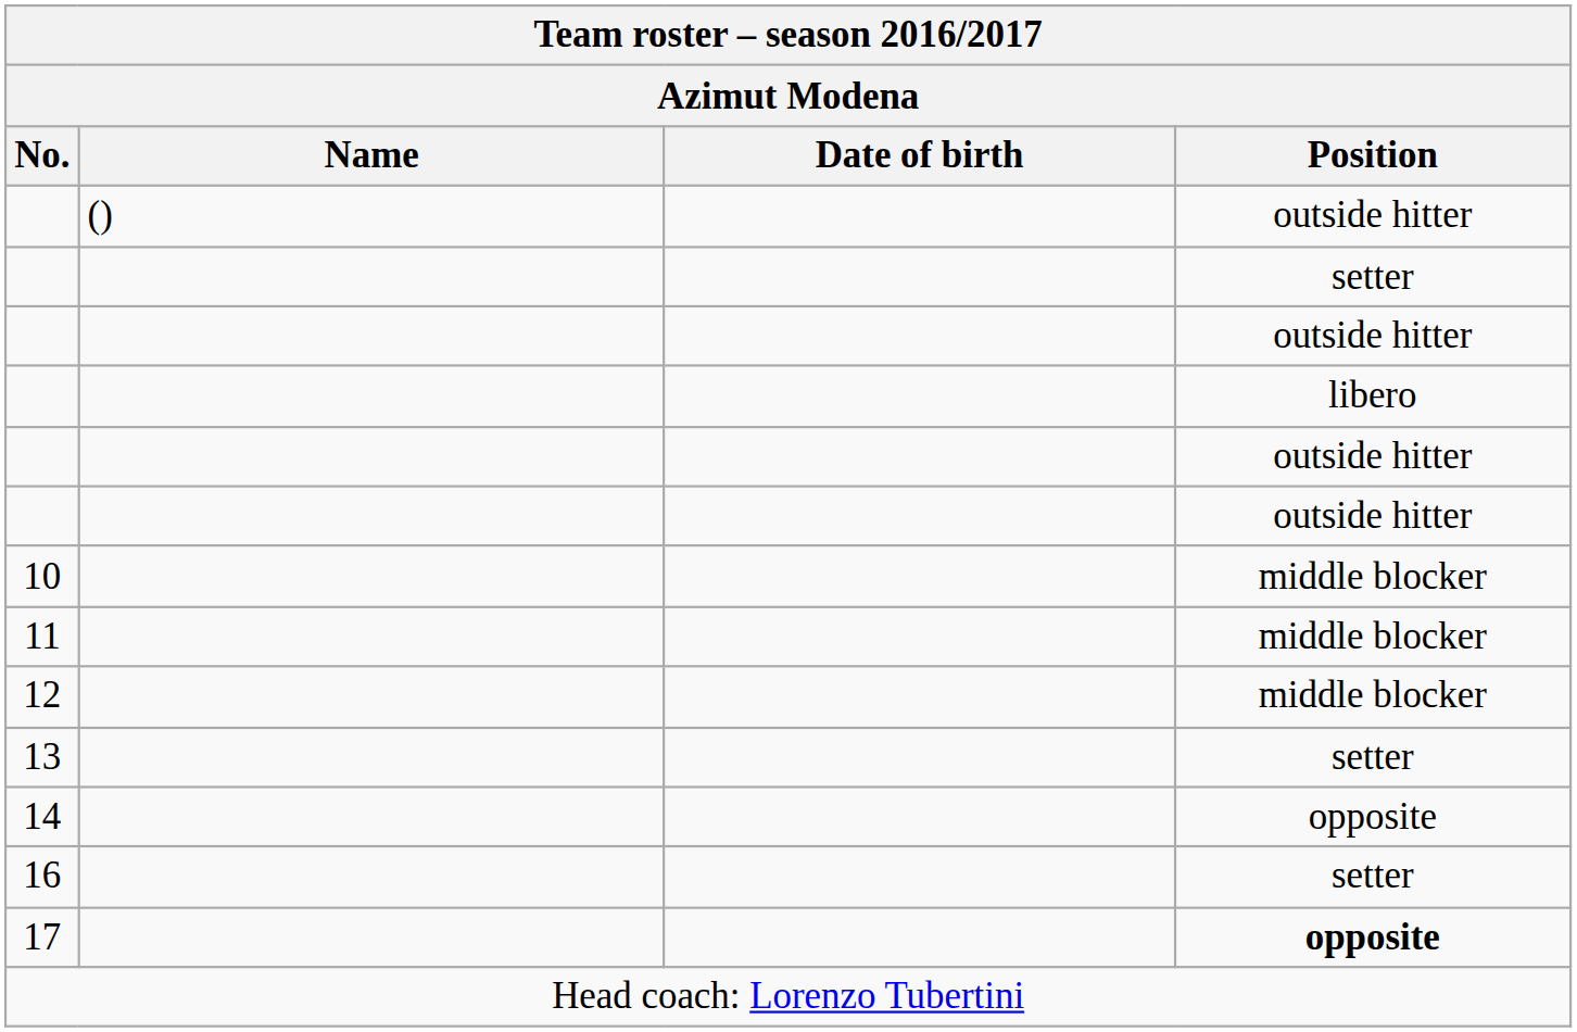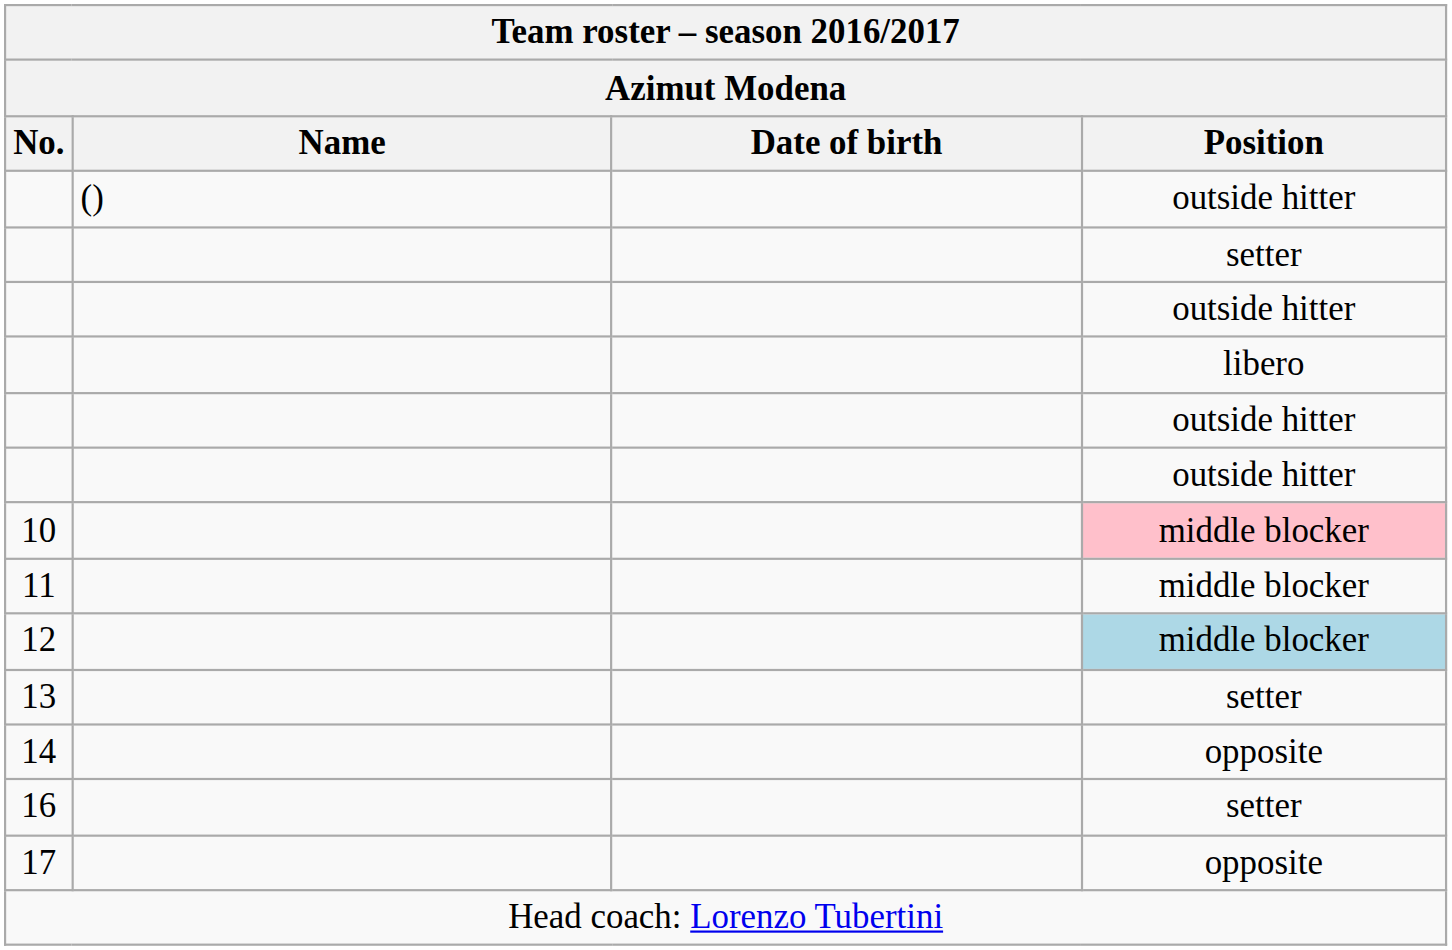 <table class="wikitable collapsible collapsed sortable" style="font-size:100%; text-align:center;">
 <tr>
 <th colspan=6>Team roster – season 2016/2017</th>
 </tr>
 <tr>
 <th colspan=6>Azimut Modena</th>
 </tr>
 <tr>
 <th>No.</th>
 <th style="width:15em">Name</th>
 <th style="width:13em">Date of birth</th>
 <th style="width:10em">Position</th>
 </tr>
 <tr>
 <td></td>
 <td align=left>  ()</td>
 <td align=right></td>
 <td>outside hitter</td>
 </tr>
 <tr>
 <td></td>
 <td align=left> </td>
 <td align=right></td>
 <td>setter</td>
 </tr>
 <tr>
 <td></td>
 <td align=left> </td>
 <td align=right></td>
 <td>outside hitter</td>
 </tr>
 <tr>
 <td></td>
 <td align=left> </td>
 <td align=right></td>
 <td>libero</td>
 </tr>
 <tr>
 <td></td>
 <td align=left> </td>
 <td align=right></td>
 <td>outside hitter</td>
 </tr>
 <tr>
 <td></td>
 <td align=left> </td>
 <td align=right></td>
 <td>outside hitter</td>
 </tr>
 <tr>
 <td>10</td>
 <td align=left> </td>
 <td align=right></td>
-<td>middle blocker</td>
+<td style="background: pink;">middle blocker</td>
 </tr>
 <tr>
 <td>11</td>
 <td align=left> </td>
 <td align=right></td>
 <td>middle blocker</td>
 </tr>
 <tr>
 <td>12</td>
 <td align=left> </td>
 <td align=right></td>
-<td>middle blocker</td>
+<td style="background: lightblue;">middle blocker</td>
 </tr>
 <tr>
 <td>13</td>
 <td align=left> </td>
 <td align=right></td>
 <td>setter</td>
 </tr>
 <tr>
 <td>14</td>
 <td align=left> </td>
 <td align=right></td>
 <td>opposite</td>
 </tr>
 <tr>
 <td>16</td>
 <td align=left> </td>
 <td align=right></td>
 <td>setter</td>
 </tr>
 <tr>
 <td>17</td>
 <td align=left> </td>
 <td align=right></td>
-<td><strong>opposite</strong></td>
+<td>opposite</td>
 </tr>
 <tr>
 <td colspan=4>Head coach: <a href='#'>Lorenzo Tubertini</a></td>
 </tr>
 </table>
